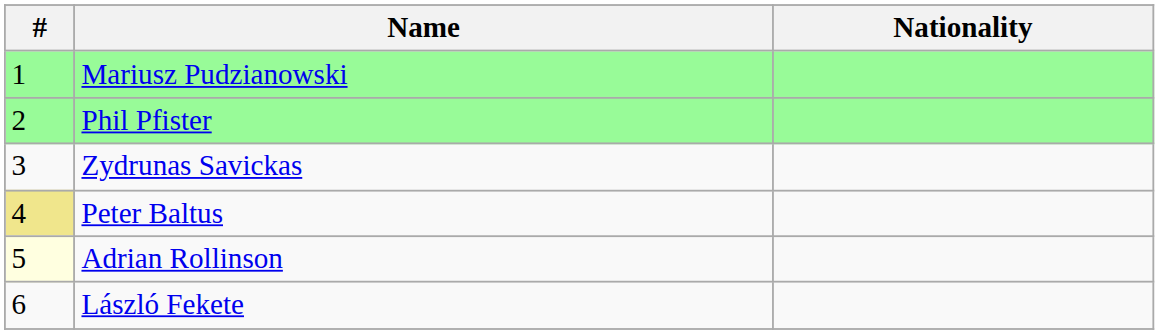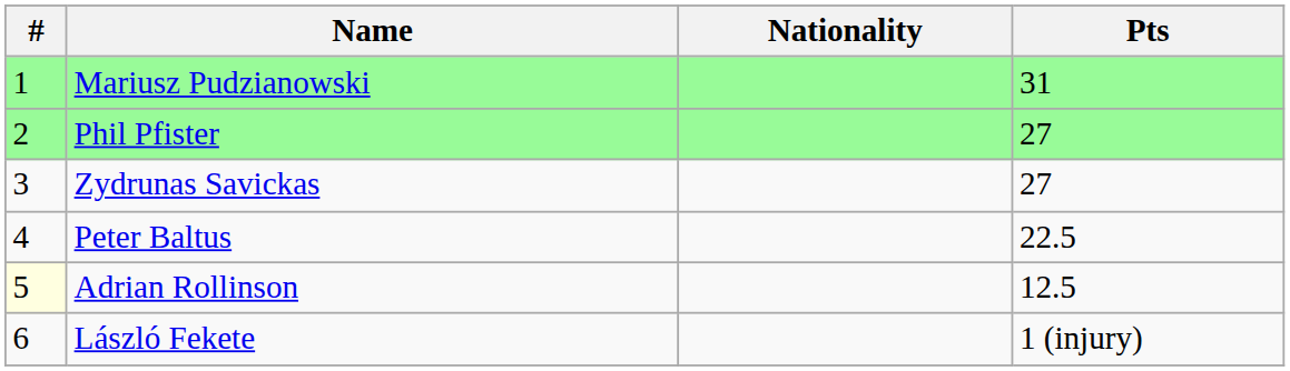 <table class="wikitable" style="display: inline-table; width: 50%;">
 <tr>
 <th>#</th>
 <th>Name</th>
 <th>Nationality</th>
+<th>Pts</th>
 </tr>
 <tr bgcolor=palegreen>
 <td>1</td>
 <td><a href='#'>Mariusz Pudzianowski</a></td>
 <td></td>
+<td>31</td>
 </tr>
 <tr bgcolor=palegreen>
 <td>2</td>
 <td><a href='#'>Phil Pfister</a></td>
 <td></td>
+<td>27</td>
 </tr>
 <tr>
 <td>3</td>
 <td><a href='#'>Zydrunas Savickas</a></td>
 <td></td>
+<td>27</td>
 </tr>
 <tr>
-<td style="background: khaki;">4</td>
+<td>4</td>
 <td><a href='#'>Peter Baltus</a></td>
 <td></td>
+<td>22.5</td>
 </tr>
 <tr>
 <td style="background: lightyellow;">5</td>
 <td><a href='#'>Adrian Rollinson</a></td>
 <td></td>
+<td>12.5</td>
 </tr>
 <tr>
 <td>6</td>
 <td><a href='#'>László Fekete</a></td>
 <td></td>
+<td>1 (injury)</td>
 </tr>
 </table>
